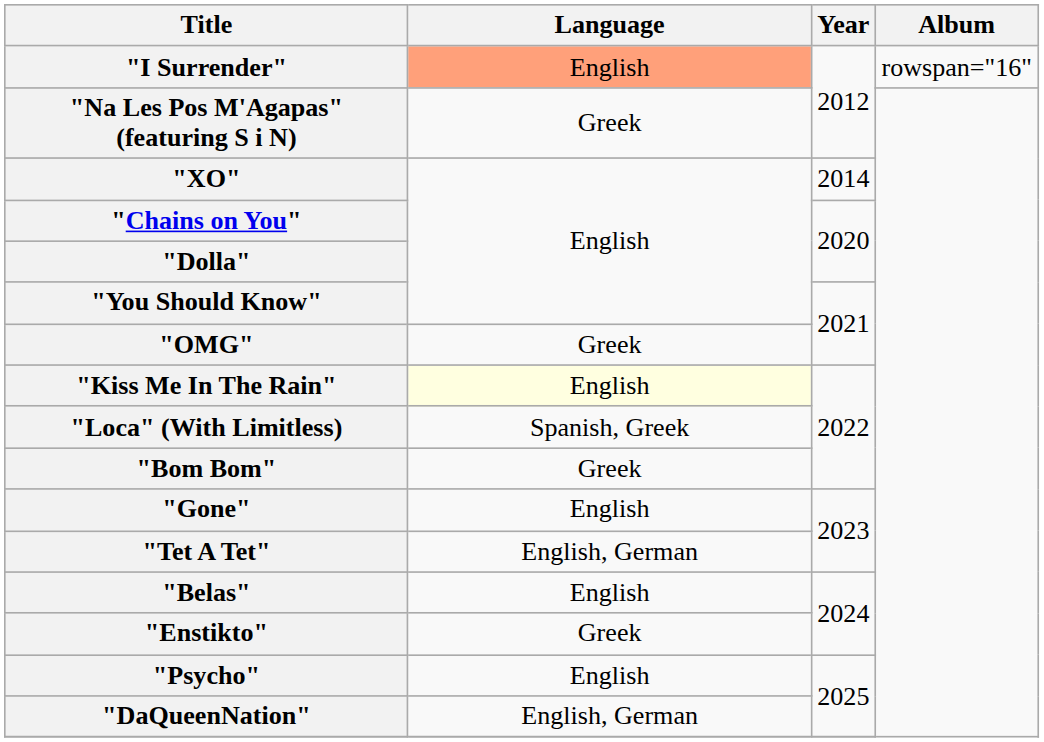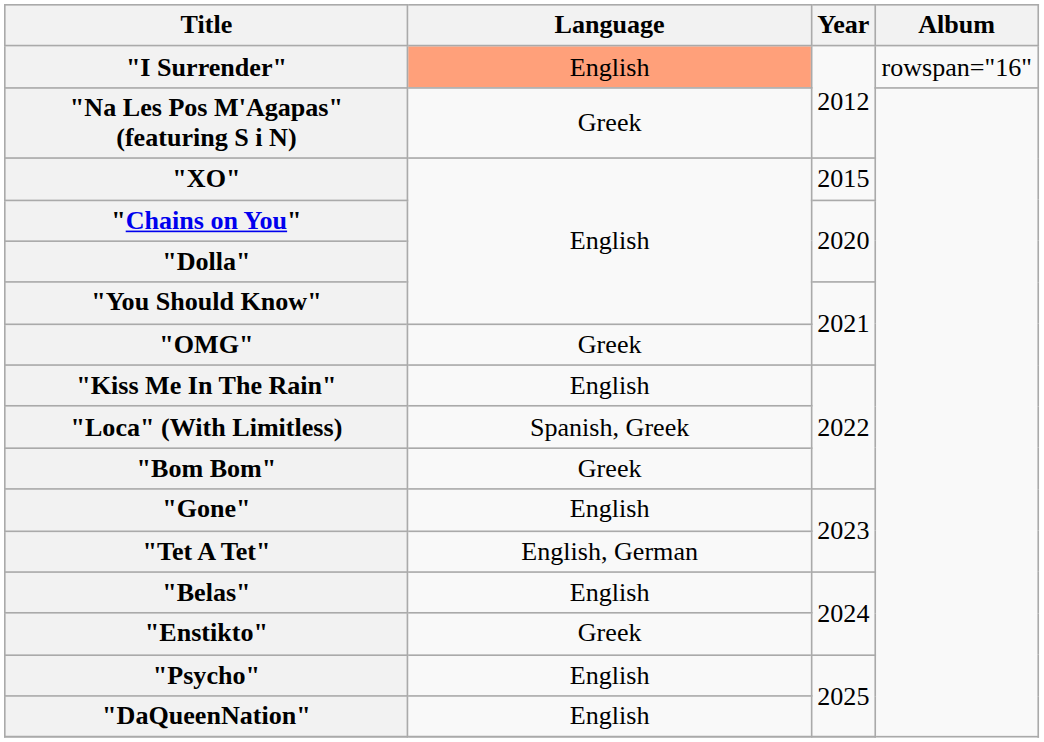 <table class="wikitable plainrowheaders" style="text-align:center;">
 <tr>
 <th scope="col" style="width:15em;">Title</th>
 <th scope="col" style="width:15em;">Language</th>
 <th scope="col" style="width:1em;">Year</th>
 <th scope="col">Album</th>
 </tr>
 <tr>
 <th scope="row">"I Surrender"</th>
 <td style="background: lightsalmon;">English</td>
 <td rowspan="2">2012</td>
 <td>rowspan="16" </td>
 </tr>
 <tr>
 <th scope="row">"Na Les Pos M'Agapas"<br><span>(featuring S i N)</span></th>
 <td>Greek</td>
 </tr>
 <tr>
 <th scope="row">"XO"</th>
 <td rowspan="4">English</td>
-<td>2014</td>
+<td>2015</td>
 </tr>
 <tr>
 <th scope="row">"<a href='#'>Chains on You</a>"</th>
 <td rowspan="2">2020</td>
 </tr>
 <tr>
 <th scope="row">"Dolla"</th>
 </tr>
 <tr>
 <th scope="row">"You Should Know"</th>
 <td rowspan ="2">2021</td>
 </tr>
 <tr>
 <th scope="row">"OMG"</th>
 <td>Greek</td>
 </tr>
 <tr>
 <th scope="row">"Kiss Me In The Rain"</th>
-<td style="background: lightyellow;">English</td>
+<td>English</td>
 <td rowspan ="3">2022</td>
 </tr>
 <tr>
 <th scope="row">"Loca" (With Limitless)</th>
 <td>Spanish, Greek</td>
 </tr>
 <tr>
 <th scope="row">"Bom Bom"</th>
 <td>Greek</td>
 </tr>
 <tr>
 <th scope="row">"Gone"</th>
 <td>English</td>
 <td rowspan ="2">2023</td>
 </tr>
 <tr>
 <th scope="row">"Tet A Tet"</th>
 <td>English, German</td>
 </tr>
 <tr>
 <th scope="row">"Belas"</th>
 <td>English</td>
 <td rowspan ="2">2024</td>
 </tr>
 <tr>
 <th scope="row">"Enstikto"</th>
 <td>Greek</td>
 </tr>
 <tr>
 <th scope="row">"Psycho"</th>
 <td>English</td>
 <td rowspan ="2">2025</td>
 </tr>
 <tr>
 <th scope="row">"DaQueenNation"</th>
-<td>English, German</td>
+<td>English</td>
 </tr>
 <tr>
 </tr>
 </table>
